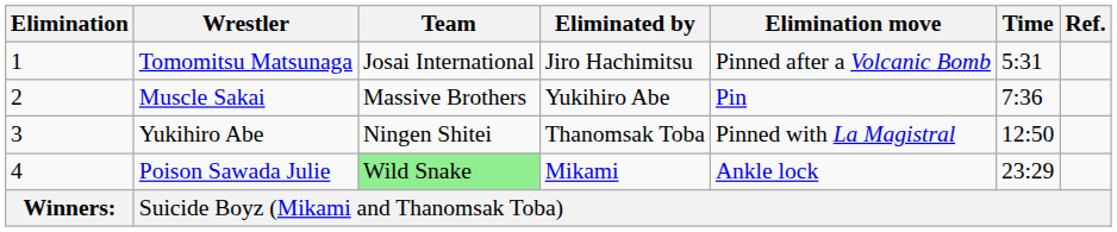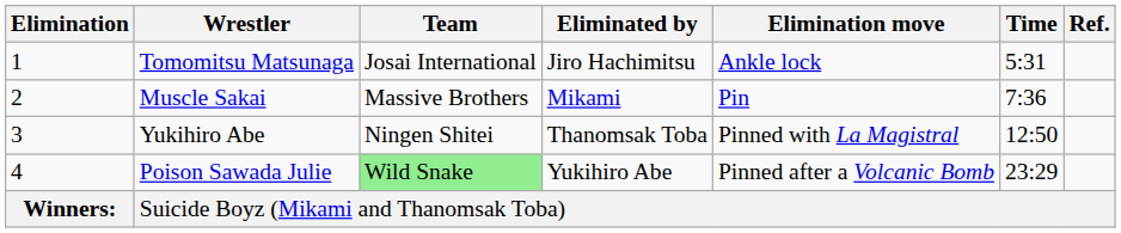 <table class="wikitable" border="1">
 <tr>
 <th>Elimination</th>
 <th>Wrestler</th>
 <th>Team</th>
 <th>Eliminated by</th>
 <th>Elimination move</th>
 <th>Time</th>
 <th>Ref.</th>
 </tr>
 <tr>
 <td>1</td>
 <td><a href='#'>Tomomitsu Matsunaga</a></td>
 <td>Josai International</td>
 <td>Jiro Hachimitsu</td>
-<td>Pinned after a <em><a href='#'>Volcanic Bomb</a></em></td>
+<td><a href='#'>Ankle lock</a></td>
 <td>5:31</td>
 <td></td>
 </tr>
 <tr>
 <td>2</td>
 <td><a href='#'>Muscle Sakai</a></td>
 <td>Massive Brothers</td>
-<td>Yukihiro Abe</td>
+<td><a href='#'>Mikami</a></td>
 <td><a href='#'>Pin</a></td>
 <td>7:36</td>
 <td></td>
 </tr>
 <tr>
 <td>3</td>
 <td>Yukihiro Abe</td>
 <td>Ningen Shitei</td>
 <td>Thanomsak Toba</td>
 <td>Pinned with <em><a href='#'>La Magistral</a></em></td>
 <td>12:50</td>
 <td></td>
 </tr>
 <tr>
 <td>4</td>
 <td><a href='#'>Poison Sawada Julie</a></td>
 <td style="background: lightgreen;">Wild Snake</td>
-<td><a href='#'>Mikami</a></td>
-<td><a href='#'>Ankle lock</a></td>
+<td>Yukihiro Abe</td>
+<td>Pinned after a <em><a href='#'>Volcanic Bomb</a></em></td>
 <td>23:29</td>
 <td></td>
 </tr>
 <tr>
 <th>Winners:</th>
 <td colspan="6" bgcolor="#f2f2f2">Suicide Boyz (<a href='#'>Mikami</a> and Thanomsak Toba)</td>
 </tr>
 </table>
